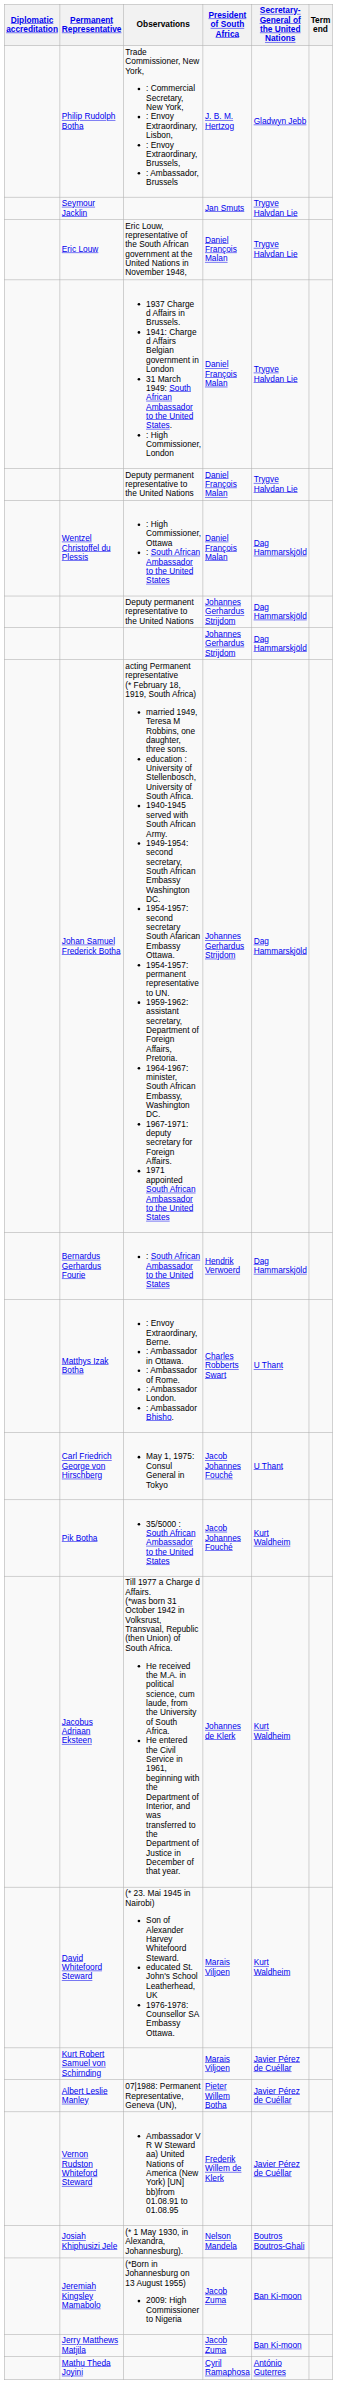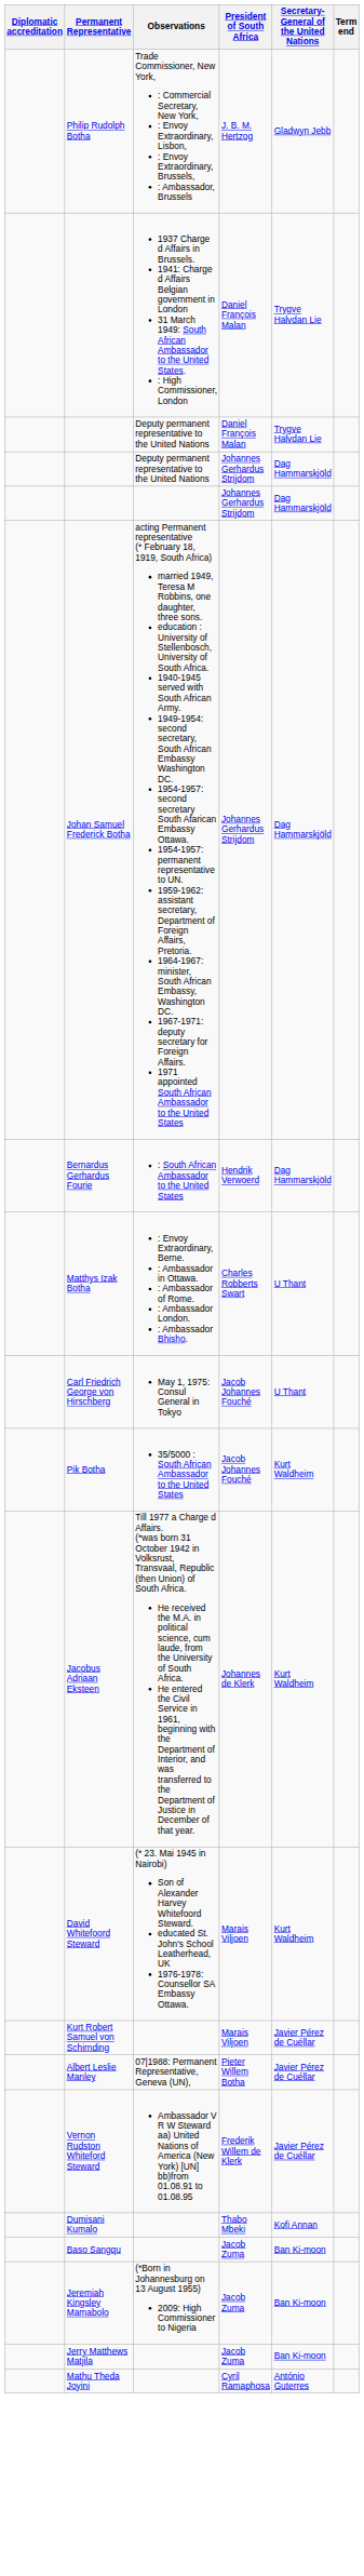 <table class="wikitable sortable">
 <tr>
 <th><a href='#'>Diplomatic accreditation</a></th>
 <th><a href='#'>Permanent Representative</a></th>
 <th>Observations</th>
 <th><a href='#'>President of South Africa</a></th>
 <th><a href='#'>Secretary-General of the United Nations</a></th>
 <th>Term end</th>
 </tr>
 <tr>
 <td></td>
 <td><a href='#'>Philip Rudolph Botha</a></td>
 <td>Trade Commissioner, New York,<br><ul><li>: Commercial Secretary, New York,</li><li>: Envoy Extraordinary, Lisbon,</li><li>: Envoy Extraordinary, Brussels,</li><li>: Ambassador, Brussels</li></ul></td>
 <td><a href='#'>J. B. M. Hertzog</a></td>
 <td><a href='#'>Gladwyn Jebb</a></td>
 <td></td>
 </tr>
 <tr>
 <td></td>
-<td><a href='#'>Seymour Jacklin</a></td>
-<td></td>
-<td><a href='#'>Jan Smuts</a></td>
-<td><a href='#'>Trygve Halvdan Lie</a></td>
-<td></td>
-</tr>
-<tr>
-<td></td>
-<td><a href='#'>Eric Louw</a></td>
-<td>Eric Louw, representative of the South African government at the United Nations in November 1948,</td>
-<td><a href='#'>Daniel François Malan</a></td>
-<td><a href='#'>Trygve Halvdan Lie</a></td>
-<td></td>
-</tr>
-<tr>
-<td></td>
 <td></td>
 <td><br><ul><li>1937 Charge d Affairs in Brussels.</li><li>1941: Charge d Affairs  Belgian government in London</li><li>31 March 1949: <a href='#'>South African Ambassador to the United States</a>.</li><li>: High Commissioner, London</li></ul></td>
 <td><a href='#'>Daniel François Malan</a></td>
 <td><a href='#'>Trygve Halvdan Lie</a></td>
 <td></td>
 </tr>
 <tr>
 <td></td>
 <td></td>
 <td>Deputy permanent representative to the United Nations</td>
 <td><a href='#'>Daniel François Malan</a></td>
 <td><a href='#'>Trygve Halvdan Lie</a></td>
-<td></td>
-</tr>
-<tr>
-<td></td>
-<td><a href='#'>Wentzel Christoffel du Plessis</a></td>
-<td><br><ul><li>: High Commissioner, Ottawa</li><li>: <a href='#'>South African Ambassador to the United States</a></li></ul></td>
-<td><a href='#'>Daniel François Malan</a></td>
-<td><a href='#'>Dag Hammarskjöld</a></td>
 <td></td>
 </tr>
 <tr>
 <td></td>
 <td></td>
 <td>Deputy permanent representative to the United Nations</td>
 <td><a href='#'>Johannes Gerhardus Strijdom</a></td>
 <td><a href='#'>Dag Hammarskjöld</a></td>
 <td></td>
 </tr>
 <tr>
 <td></td>
 <td></td>
 <td></td>
 <td><a href='#'>Johannes Gerhardus Strijdom</a></td>
 <td><a href='#'>Dag Hammarskjöld</a></td>
 <td></td>
 </tr>
 <tr>
 <td></td>
 <td><a href='#'>Johan Samuel Frederick Botha</a></td>
 <td>acting Permanent representative<br>(* February 18, 1919, South Africa)<ul><li>married 1949, Teresa M Robbins, one daughter, three sons.</li><li>education : University of Stellenbosch, University of South Africa.</li><li>1940-1945 served with South African Army.</li><li>1949-1954: second secretary, South African Embassy Washington DC.</li><li>1954-1957: second secretary South Afarican Embassy Ottawa.</li><li>1954-1957: permanent representative to UN.</li><li>1959-1962: assistant secretary, Department of Foreign Affairs, Pretoria.</li><li>1964-1967: minister, South African Embassy, Washington DC.</li><li>1967-1971: deputy secretary for Foreign Affairs.</li><li>1971 appointed <a href='#'>South African Ambassador to the United States</a></li></ul></td>
 <td><a href='#'>Johannes Gerhardus Strijdom</a></td>
 <td><a href='#'>Dag Hammarskjöld</a></td>
 <td></td>
 </tr>
 <tr>
 <td></td>
 <td><a href='#'>Bernardus Gerhardus Fourie</a></td>
 <td><br><ul><li>: <a href='#'>South African Ambassador to the United States</a></li></ul></td>
 <td><a href='#'>Hendrik Verwoerd</a></td>
 <td><a href='#'>Dag Hammarskjöld</a></td>
 <td></td>
 </tr>
 <tr>
 <td></td>
 <td><a href='#'>Matthys Izak Botha</a></td>
 <td><br><ul><li>: Envoy Extraordinary, Berne.</li><li>: Ambassador in Ottawa.</li><li>: Ambassador of Rome.</li><li>: Ambassador London.</li><li>: Ambassador <a href='#'>Bhisho</a>.</li></ul></td>
 <td><a href='#'>Charles Robberts Swart</a></td>
 <td><a href='#'>U Thant</a></td>
 <td></td>
 </tr>
 <tr>
 <td></td>
 <td><a href='#'>Carl Friedrich George von Hirschberg</a></td>
 <td><br><ul><li>May 1, 1975: Consul General in Tokyo</li></ul></td>
 <td><a href='#'>Jacob Johannes Fouché</a></td>
 <td><a href='#'>U Thant</a></td>
 <td></td>
 </tr>
 <tr>
 <td></td>
 <td><a href='#'>Pik Botha</a></td>
 <td><br><ul><li>35/5000 : <a href='#'>South African Ambassador to the United States</a></li></ul></td>
 <td><a href='#'>Jacob Johannes Fouché</a></td>
 <td><a href='#'>Kurt Waldheim</a></td>
 <td></td>
 </tr>
 <tr>
 <td></td>
 <td><a href='#'>Jacobus Adriaan Eksteen</a></td>
 <td>Till 1977 a Charge d Affairs.<br>(*was born 31 October 1942 in Volksrust, Transvaal, Republic (then Union) of South Africa.<ul><li>He received the M.A. in political science, cum laude, from the University of South Africa.</li><li>He entered the Civil Service in 1961, beginning with the Department of Interior, and was transferred to the Department of Justice in December of that year.</li></ul></td>
 <td><a href='#'>Johannes de Klerk</a></td>
 <td><a href='#'>Kurt Waldheim</a></td>
 <td></td>
 </tr>
 <tr>
 <td></td>
 <td><a href='#'>David Whitefoord Steward</a></td>
 <td>(* 23. Mai 1945 in Nairobi)<br><ul><li>Son of Alexander Harvey Whitefoord Steward.</li><li>educated St. John's School Leatherhead, UK</li><li>1976-1978: Counsellor  SA Embassy Ottawa.</li></ul></td>
 <td><a href='#'>Marais Viljoen</a></td>
 <td><a href='#'>Kurt Waldheim</a></td>
 <td></td>
 </tr>
 <tr>
 <td></td>
 <td><a href='#'>Kurt Robert Samuel von Schirnding</a></td>
 <td></td>
 <td><a href='#'>Marais Viljoen</a></td>
 <td><a href='#'>Javier Pérez de Cuéllar</a></td>
 <td></td>
 </tr>
 <tr>
 <td></td>
 <td><a href='#'>Albert Leslie Manley</a></td>
 <td 01>07|1988: Permanent Representative, Geneva (UN),</td>
 <td><a href='#'>Pieter Willem Botha</a></td>
 <td><a href='#'>Javier Pérez de Cuéllar</a></td>
 <td></td>
 </tr>
 <tr>
 <td></td>
 <td><a href='#'>Vernon Rudston Whiteford Steward</a></td>
 <td><br><ul><li>Ambassador V R W Steward aa) United Nations of America (New York) [UN] bb)from 01.08.91 to 01.08.95</li></ul></td>
 <td><a href='#'>Frederik Willem de Klerk</a></td>
 <td><a href='#'>Javier Pérez de Cuéllar</a></td>
 <td></td>
 </tr>
 <tr>
 <td></td>
-<td><a href='#'>Josiah Khiphusizi Jele</a></td>
-<td>(* 1 May 1930, in Alexandra, Johannesburg).</td>
-<td><a href='#'>Nelson Mandela</a></td>
-<td><a href='#'>Boutros Boutros-Ghali</a></td>
+<td><a href='#'>Dumisani Kumalo</a></td>
+<td></td>
+<td><a href='#'>Thabo Mbeki</a></td>
+<td><a href='#'>Kofi Annan</a></td>
+<td></td>
+</tr>
+<tr>
+<td></td>
+<td><a href='#'>Baso Sangqu</a></td>
+<td></td>
+<td><a href='#'>Jacob Zuma</a></td>
+<td><a href='#'>Ban Ki-moon</a></td>
 <td></td>
 </tr>
 <tr>
 <td></td>
 <td><a href='#'>Jeremiah Kingsley Mamabolo</a></td>
 <td>(*Born in Johannesburg on 13 August 1955)<br><ul><li>2009: High Commissioner to Nigeria </li></ul></td>
 <td><a href='#'>Jacob Zuma</a></td>
 <td><a href='#'>Ban Ki-moon</a></td>
 <td></td>
 </tr>
 <tr>
 <td></td>
 <td><a href='#'>Jerry Matthews Matjila</a></td>
 <td></td>
 <td><a href='#'>Jacob Zuma</a></td>
 <td><a href='#'>Ban Ki-moon</a></td>
 <td></td>
 </tr>
 <tr>
 <td></td>
 <td><a href='#'>Mathu Theda Joyini</a></td>
 <td></td>
 <td><a href='#'>Cyril Ramaphosa</a></td>
 <td><a href='#'>António Guterres</a></td>
 <td></td>
 </tr>
 </table>
